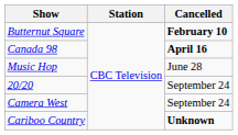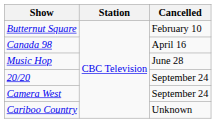 <table class="wikitable">
 <tr>
 <th>Show</th>
 <th>Station</th>
 <th>Cancelled</th>
 </tr>
 <tr>
 <td><em><a href='#'>Butternut Square</a></em></td>
 <td rowspan="6"><a href='#'>CBC Television</a></td>
-<td><strong>February 10</strong></td>
+<td>February 10</td>
 </tr>
 <tr>
 <td><em><a href='#'>Canada 98</a></em></td>
-<td><strong>April 16</strong></td>
+<td>April 16</td>
 </tr>
 <tr>
 <td><em><a href='#'>Music Hop</a></em></td>
 <td>June 28</td>
 </tr>
 <tr>
 <td><em><a href='#'>20/20</a></em></td>
 <td>September 24</td>
 </tr>
 <tr>
 <td><em><a href='#'>Camera West</a></em></td>
 <td>September 24</td>
 </tr>
 <tr>
 <td><em><a href='#'>Cariboo Country</a></em></td>
-<td><strong>Unknown</strong></td>
+<td>Unknown</td>
 </tr>
 </table>
